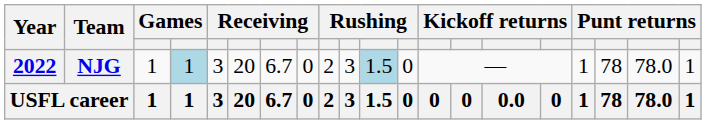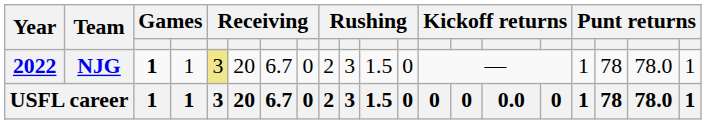 <table class="wikitable" style="text-align: center;">
 <tr>
 <th rowspan="2">Year</th>
 <th rowspan="2">Team</th>
 <th colspan="2">Games</th>
 <th colspan="4">Receiving</th>
 <th colspan="4">Rushing</th>
 <th colspan="4">Kickoff returns</th>
 <th colspan="4">Punt returns</th>
 </tr>
 <tr>
 <th></th>
 <th></th>
 <th></th>
 <th></th>
 <th></th>
 <th></th>
 <th></th>
 <th></th>
 <th></th>
 <th></th>
 <th></th>
 <th></th>
 <th></th>
 <th></th>
 <th></th>
 <th></th>
 <th></th>
 <th></th>
 </tr>
 <tr>
 <th><a href='#'>2022</a></th>
 <th><a href='#'>NJG</a></th>
+<td><strong>1</strong></td>
 <td>1</td>
-<td style="background: lightblue;">1</td>
-<td>3</td>
+<td style="background: khaki;">3</td>
 <td>20</td>
 <td>6.7</td>
 <td>0</td>
 <td>2</td>
 <td>3</td>
-<td style="background: lightblue;">1.5</td>
+<td>1.5</td>
 <td>0</td>
 <td colspan="4">—</td>
 <td>1</td>
 <td>78</td>
 <td>78.0</td>
 <td>1</td>
 </tr>
 <tr>
 <th colspan="2">USFL career</th>
 <th>1</th>
 <th>1</th>
 <th>3</th>
 <th>20</th>
 <th>6.7</th>
 <th>0</th>
 <th>2</th>
 <th>3</th>
 <th>1.5</th>
 <th>0</th>
 <th>0</th>
 <th>0</th>
 <th>0.0</th>
 <th>0</th>
 <th>1</th>
 <th>78</th>
 <th>78.0</th>
 <th>1</th>
 </tr>
 </table>
